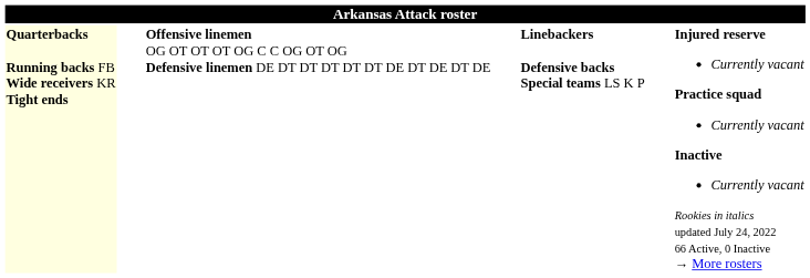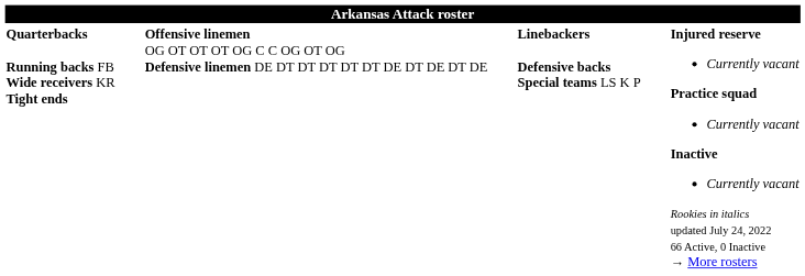 <table class="toccolours" style="text-align: left;">
 <tr>
 <th colspan="7" style="background-color:#000000;color:#FFFFFF;text-align:center;">Arkansas Attack roster</th>
 </tr>
 <tr>
-<td style="background: lightyellow; font-size: 95%;vertical-align:top;"><strong>Quarterbacks</strong><br>  <br><strong>Running backs</strong>      FB<br><strong>Wide receivers</strong>           KR    <br><strong>Tight ends</strong>   </td>
+<td style="font-size: 95%;vertical-align:top;"><strong>Quarterbacks</strong><br>  <br><strong>Running backs</strong>      FB<br><strong>Wide receivers</strong>           KR    <br><strong>Tight ends</strong>   </td>
 <td style="width: 25px;"></td>
 <td style="font-size: 95%;vertical-align:top;"><strong>Offensive linemen</strong><br> OG  OT  OT  OT  OG  C  C  OG  OT  OG<br><strong>Defensive linemen</strong>  DE  DT  DT  DT  DT  DT  DE  DT  DE  DT  DE</td>
 <td style="width: 25px;"></td>
 <td style="font-size: 95%;vertical-align:top;"><strong>Linebackers</strong><br>    <br><strong>Defensive backs</strong>            <br><strong>Special teams</strong>  LS  K  P</td>
 <td style="width: 25px;"></td>
 <td style="font-size: 95%;vertical-align:top;"><strong>Injured reserve</strong><br><ul><li><em>Currently vacant</em></li></ul><strong>Practice squad</strong><ul><li><em>Currently vacant</em></li></ul><strong>Inactive</strong><ul><li><em>Currently vacant</em></li></ul><small><em>Rookies in italics</em><br>  updated July 24, 2022<br> 66 Active, 0 Inactive</small><br>→ <a href='#'>More rosters</a></td>
 </tr>
 <tr>
 </tr>
 </table>
